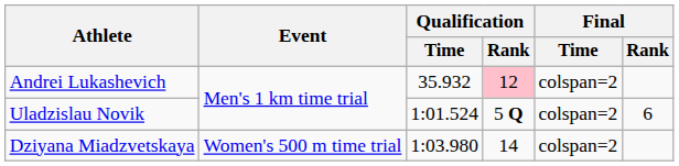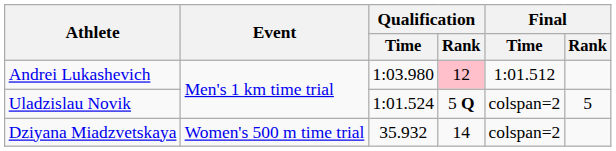 <table class="wikitable" style="text-align:center; font-size:90%">
 <tr>
 <th rowspan=2>Athlete</th>
 <th rowspan=2>Event</th>
 <th colspan=2>Qualification</th>
 <th colspan=2>Final</th>
 </tr>
 <tr style="font-size:95%">
 <th>Time</th>
 <th>Rank</th>
 <th>Time</th>
 <th>Rank</th>
 </tr>
 <tr>
 <td align=left><a href='#'>Andrei Lukashevich</a></td>
 <td rowspan=2 align=left><a href='#'>Men's 1 km time trial</a></td>
-<td>35.932</td>
+<td>1:03.980</td>
 <td style="background: pink;">12</td>
-<td>colspan=2 </td>
+<td>1:01.512</td>
 </tr>
 <tr>
 <td align=left><a href='#'>Uladzislau Novik</a></td>
 <td>1:01.524</td>
 <td>5 <strong>Q</strong></td>
 <td>colspan=2 </td>
-<td>6</td>
+<td>5</td>
 </tr>
 <tr>
 <td align=left><a href='#'>Dziyana Miadzvetskaya</a></td>
 <td align=left><a href='#'>Women's 500 m time trial</a></td>
-<td>1:03.980</td>
+<td>35.932</td>
 <td>14</td>
 <td>colspan=2 </td>
 </tr>
 </table>
